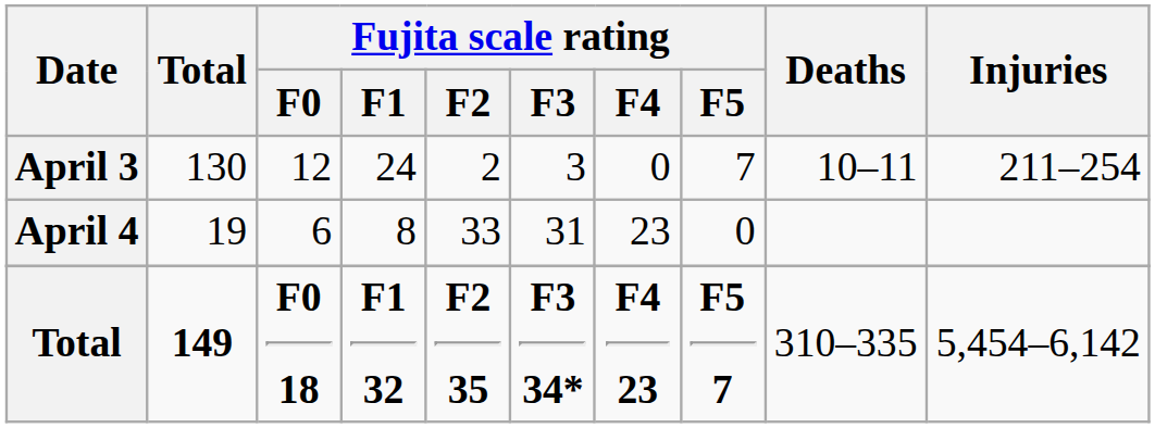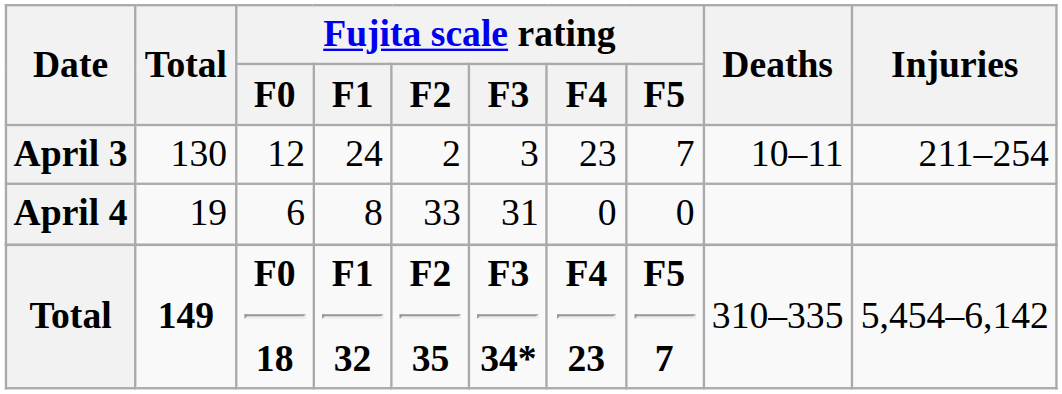 <table class="wikitable sortable" style="margin: 1em auto 1em auto;">
 <tr>
 <th scope="col" rowspan="2">Date</th>
 <th scope="col" rowspan="2" align="center">Total</th>
 <th scope="col" colspan="6" align="center"><a href='#'>Fujita scale</a> rating</th>
 <th scope="col" rowspan="2" align="center">Deaths</th>
 <th scope="col" rowspan="2" align="center">Injuries</th>
 </tr>
 <tr>
 <th scope="col" align="center"> F0 </th>
 <th scope="col" align="center"> F1 </th>
 <th scope="col" align="center"> F2 </th>
 <th scope="col" align="center"> F3 </th>
 <th scope="col" align="center"> F4 </th>
 <th scope="col" align="center"> F5 </th>
 </tr>
 <tr>
 <th scope="row">April 3</th>
 <td align="right">130</td>
 <td align="right">12</td>
 <td align="right">24</td>
 <td align="right">2</td>
 <td align="right">3</td>
-<td align="right">0</td>
+<td align="right">23</td>
 <td align="right">7</td>
 <td align="right">10–11</td>
 <td align="right">211–254</td>
 </tr>
 <tr>
 <th scope="row">April 4</th>
 <td align="right">19</td>
 <td align="right">6</td>
 <td align="right">8</td>
 <td align="right">33</td>
 <td align="right">31</td>
-<td align="right">23</td>
+<td align="right">0</td>
 <td align="right">0</td>
 <td align="right"></td>
 <td></td>
 </tr>
 <tr>
 </tr>
 <tr class="sortbottom">
 <th scope="row">Total</th>
 <td align="center"><strong>149</strong></td>
 <td align="center"><strong>F0<br><hr>18</strong></td>
 <td align="center"><strong>F1<br><hr>32</strong></td>
 <td align="center"><strong>F2<br><hr>35</strong></td>
 <td align="center"><strong>F3<br><hr>34*</strong></td>
 <td align="center"><strong>F4<br><hr>23</strong></td>
 <td align="center"><strong>F5<br><hr>7</strong></td>
 <td align="right">310–335</td>
 <td align="right">5,454–6,142</td>
 </tr>
 </table>
